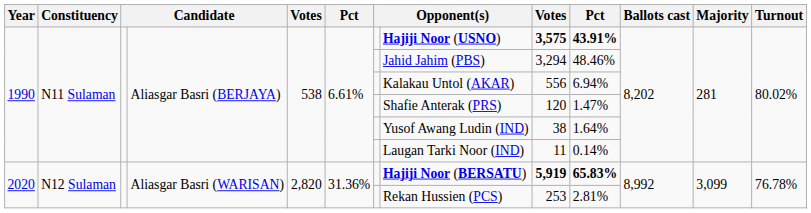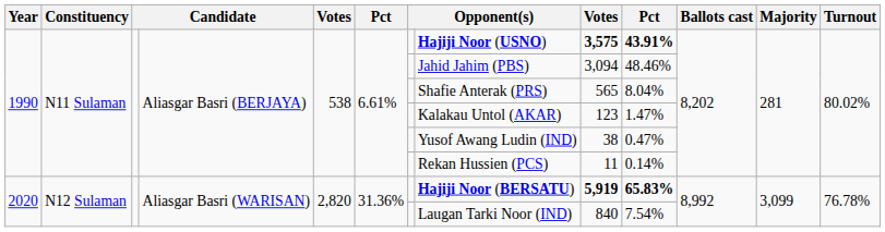 <table class="wikitable" style="margin:0.5em ; font-size:95%">
 <tr>
 <th>Year</th>
 <th>Constituency</th>
 <th colspan=2>Candidate</th>
 <th>Votes</th>
 <th>Pct</th>
 <th colspan=2>Opponent(s)</th>
 <th>Votes</th>
 <th>Pct</th>
 <th>Ballots cast</th>
 <th>Majority</th>
 <th>Turnout</th>
 </tr>
 <tr>
 <td rowspan=6><a href='#'>1990</a></td>
 <td rowspan=6>N11 <a href='#'>Sulaman</a></td>
 <td rowspan=6></td>
 <td rowspan=6>Aliasgar Basri (<a href='#'>BERJAYA</a>)</td>
 <td rowspan=6 align="right">538</td>
 <td rowspan=6>6.61%</td>
 <td></td>
 <td><strong><a href='#'>Hajiji Noor</a></strong> (<a href='#'><strong>USNO</strong></a>)</td>
 <td align="right"><strong>3,575</strong></td>
 <td><strong>43.91%</strong></td>
 <td rowspan=6>8,202</td>
 <td rowspan=6>281</td>
 <td rowspan=6>80.02%</td>
 </tr>
 <tr>
 <td></td>
 <td><a href='#'>Jahid Jahim</a> (<a href='#'>PBS</a>)</td>
-<td align="right">3,294</td>
+<td align="right">3,094</td>
 <td>48.46%</td>
 </tr>
 <tr>
 <td></td>
-<td>Kalakau Untol (<a href='#'>AKAR</a>)</td>
-<td align="right">556</td>
-<td>6.94%</td>
+<td>Shafie Anterak (<a href='#'>PRS</a>)</td>
+<td align="right">565</td>
+<td>8.04%</td>
 </tr>
 <tr>
 <td></td>
-<td>Shafie Anterak (<a href='#'>PRS</a>)</td>
-<td align="right">120</td>
+<td>Kalakau Untol (<a href='#'>AKAR</a>)</td>
+<td align="right">123</td>
 <td>1.47%</td>
 </tr>
 <tr>
 <td></td>
 <td>Yusof Awang Ludin (<a href='#'>IND</a>)</td>
 <td align="right">38</td>
-<td>1.64%</td>
+<td>0.47%</td>
 </tr>
 <tr>
 <td></td>
-<td>Laugan Tarki Noor (<a href='#'>IND</a>)</td>
+<td>Rekan Hussien (<a href='#'>PCS</a>)</td>
 <td align="right">11</td>
 <td>0.14%</td>
 </tr>
 <tr>
 <td rowspan=2><a href='#'>2020</a></td>
 <td rowspan=2>N12 <a href='#'>Sulaman</a></td>
 <td rowspan=2 ></td>
 <td rowspan=2>Aliasgar Basri (<a href='#'>WARISAN</a>)</td>
 <td rowspan=2 align="right">2,820</td>
 <td rowspan=2>31.36%</td>
 <td></td>
 <td><strong><a href='#'>Hajiji Noor</a></strong> (<a href='#'><strong>BERSATU</strong></a>)</td>
 <td align="right"><strong>5,919</strong></td>
 <td><strong>65.83%</strong></td>
 <td rowspan=2>8,992</td>
 <td rowspan=2>3,099</td>
 <td rowspan=2>76.78%</td>
 </tr>
 <tr>
 <td></td>
-<td>Rekan Hussien (<a href='#'>PCS</a>)</td>
-<td align="right">253</td>
-<td>2.81%</td>
+<td>Laugan Tarki Noor (<a href='#'>IND</a>)</td>
+<td align="right">840</td>
+<td>7.54%</td>
 </tr>
 </table>
